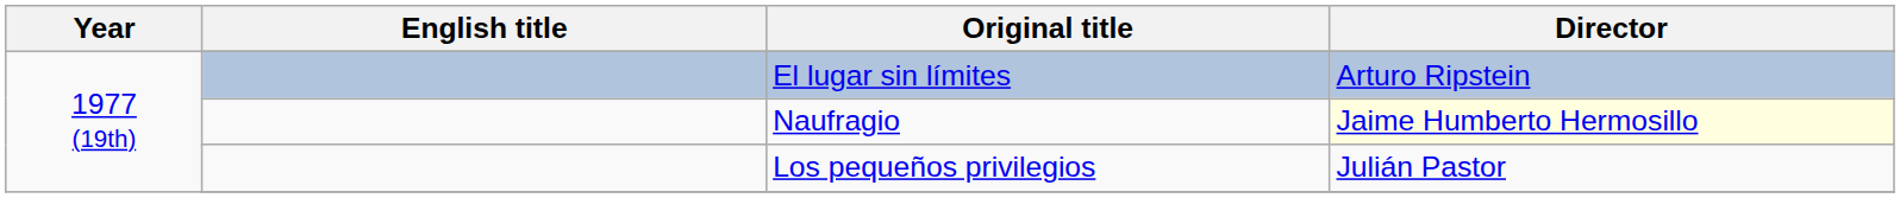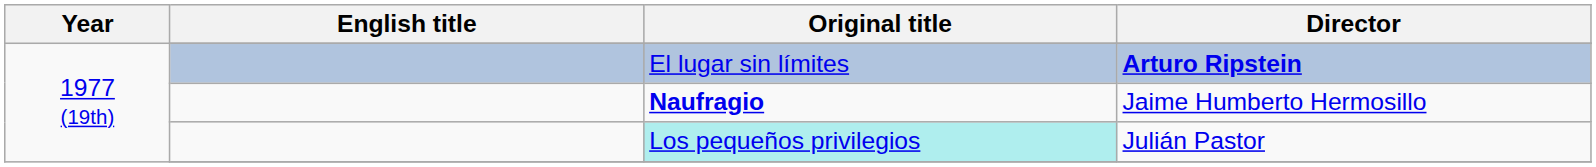 <table class="wikitable">
 <tr>
 <th width="100"><strong>Year</strong></th>
 <th width="300"><strong>English title</strong></th>
 <th width="300"><strong>Original title</strong></th>
 <th width="300"><strong>Director</strong></th>
 </tr>
 <tr>
 <td rowspan="6" style="text-align:center;"><a href='#'>1977</a><br><small><a href='#'>(19th)</a></small></td>
 </tr>
 <tr style="background:#B0C4DE;">
 <td></td>
 <td><a href='#'>El lugar sin límites</a></td>
-<td><a href='#'>Arturo Ripstein</a></td>
+<td><strong><a href='#'>Arturo Ripstein</a></strong></td>
 </tr>
 <tr>
 <td></td>
-<td><a href='#'>Naufragio</a></td>
-<td style="background: lightyellow;"><a href='#'>Jaime Humberto Hermosillo</a></td>
+<td><strong><a href='#'>Naufragio</a></strong></td>
+<td><a href='#'>Jaime Humberto Hermosillo</a></td>
 </tr>
 <tr>
 <td></td>
-<td><a href='#'>Los pequeños privilegios</a></td>
+<td style="background: paleturquoise;"><a href='#'>Los pequeños privilegios</a></td>
 <td><a href='#'>Julián Pastor</a></td>
 </tr>
 <tr>
 </tr>
 </table>
